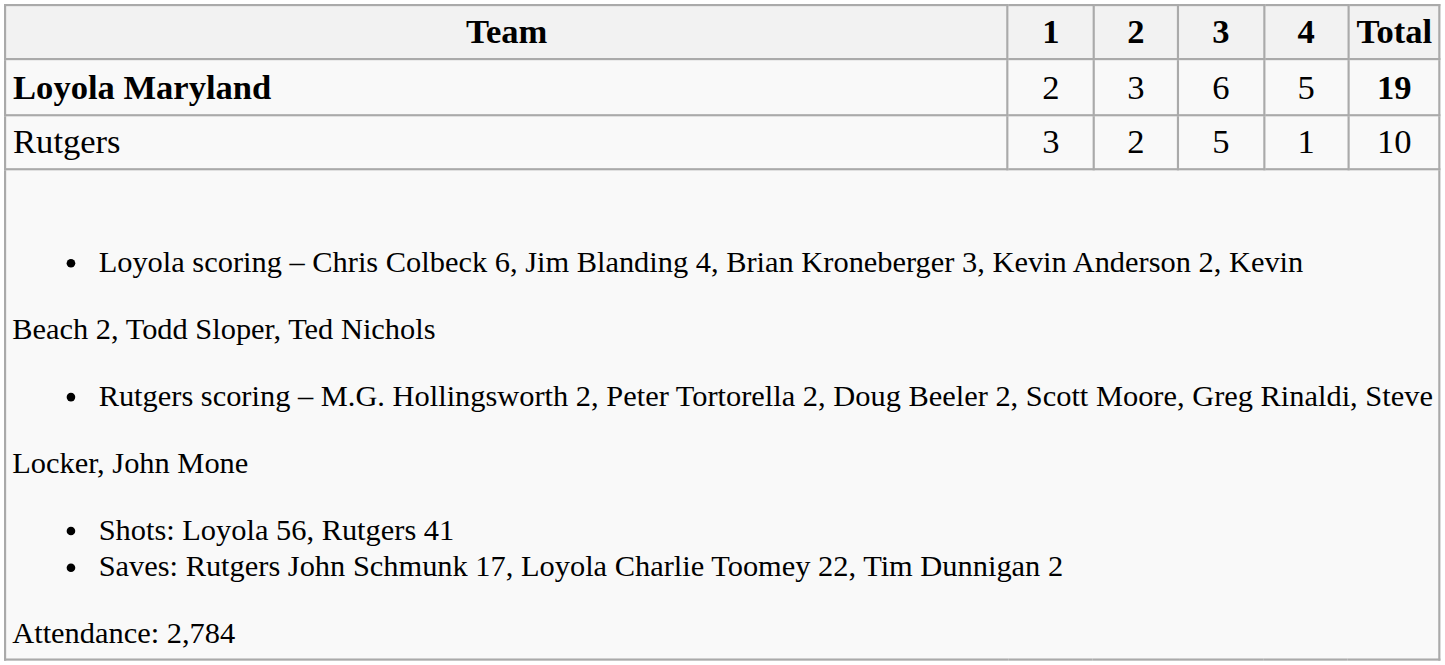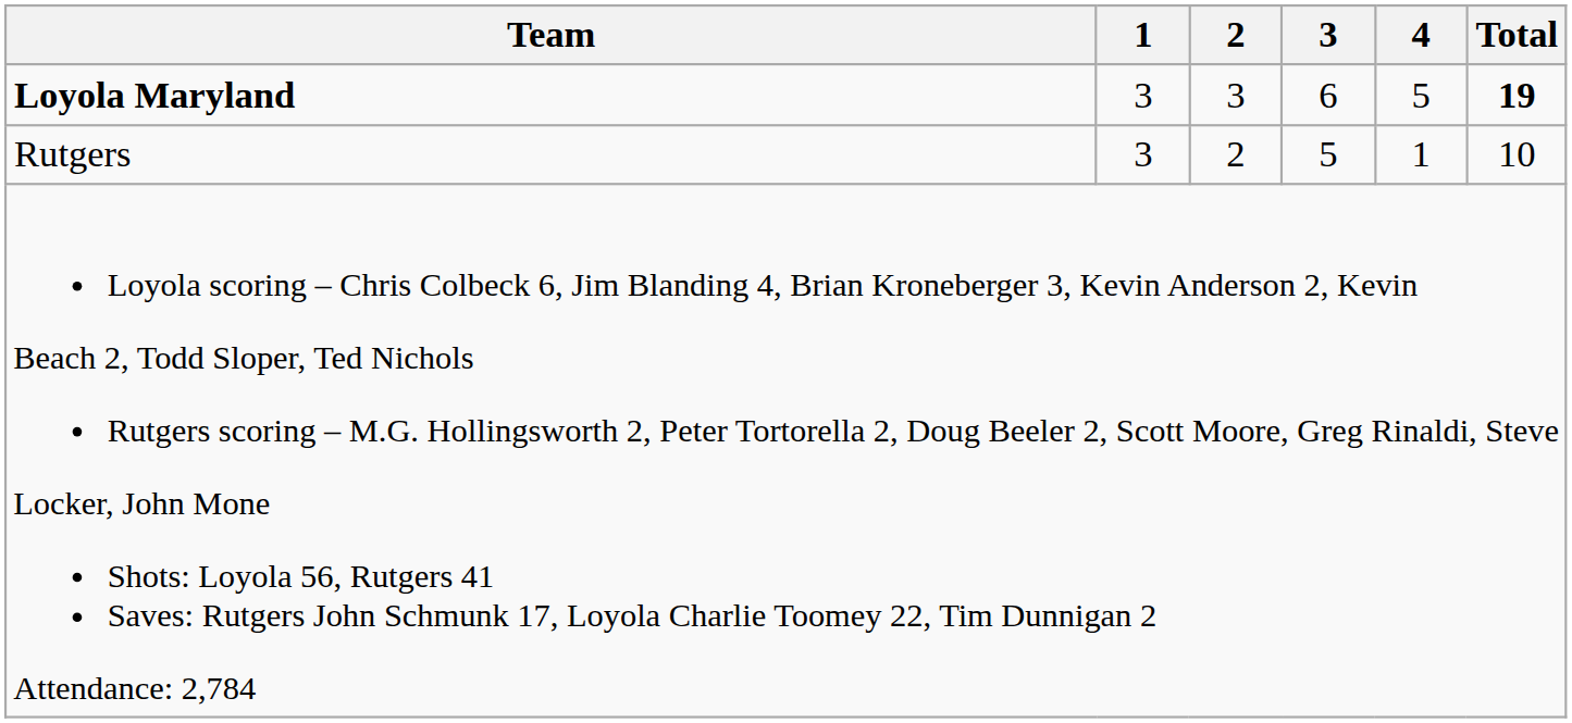 <table class="wikitable" style="text-align:center; max-width:45em">
 <tr>
 <th>Team</th>
 <th style="width:2em">1</th>
 <th style="width:2em">2</th>
 <th style="width:2em">3</th>
 <th style="width:2em">4</th>
 <th style="width:2em">Total</th>
 </tr>
 <tr>
 <td style="text-align:left"><strong>Loyola Maryland</strong></td>
-<td>2</td>
+<td>3</td>
 <td>3</td>
 <td>6</td>
 <td>5</td>
 <td><strong>19</strong></td>
 </tr>
 <tr>
 <td style="text-align:left">Rutgers</td>
 <td>3</td>
 <td>2</td>
 <td>5</td>
 <td>1</td>
 <td>10</td>
 </tr>
 <tr>
 <td colspan=6 style="text-align:left; font-size:88%;"><br><ul><li>Loyola scoring – Chris Colbeck 6, Jim Blanding 4, Brian Kroneberger 3, Kevin Anderson 2, Kevin</li></ul>Beach 2, Todd Sloper, Ted Nichols<ul><li>Rutgers scoring – M.G. Hollingsworth 2, Peter Tortorella 2, Doug Beeler 2, Scott Moore, Greg Rinaldi, Steve</li></ul>Locker, John Mone<ul><li>Shots: Loyola 56, Rutgers 41</li><li>Saves: Rutgers John Schmunk 17, Loyola Charlie Toomey 22, Tim Dunnigan 2</li></ul>Attendance: 2,784 </td>
 </tr>
 </table>
